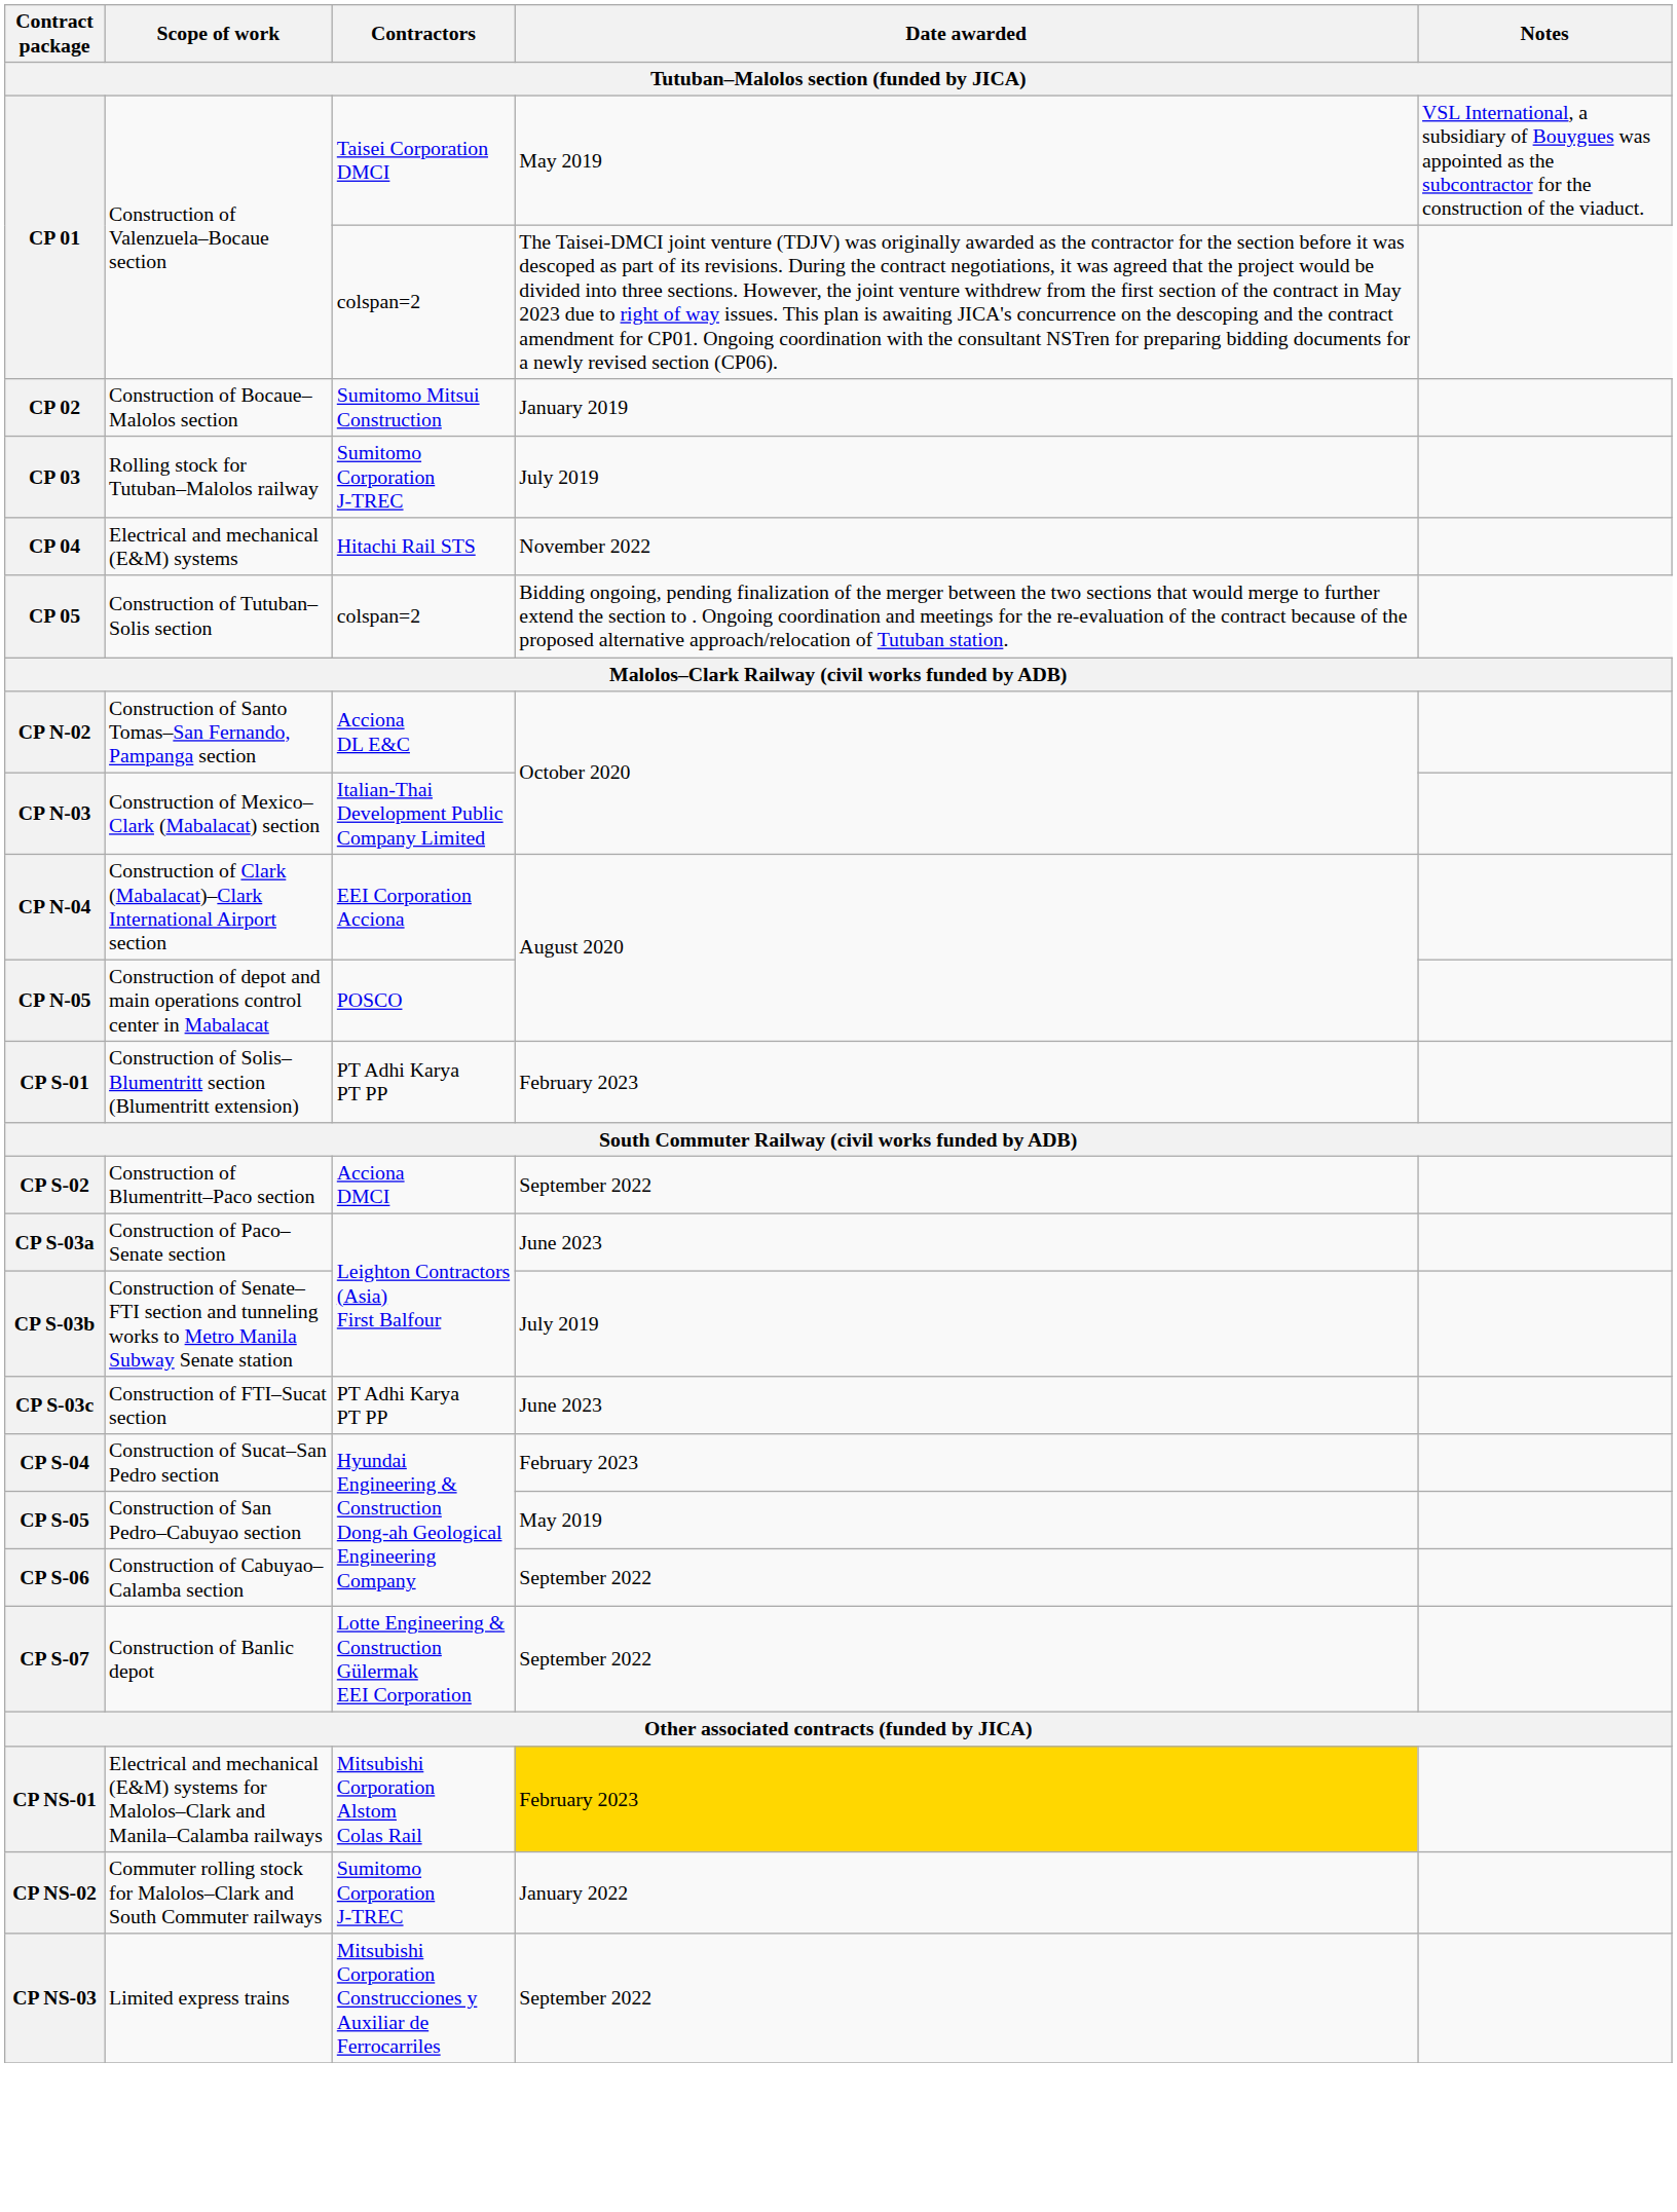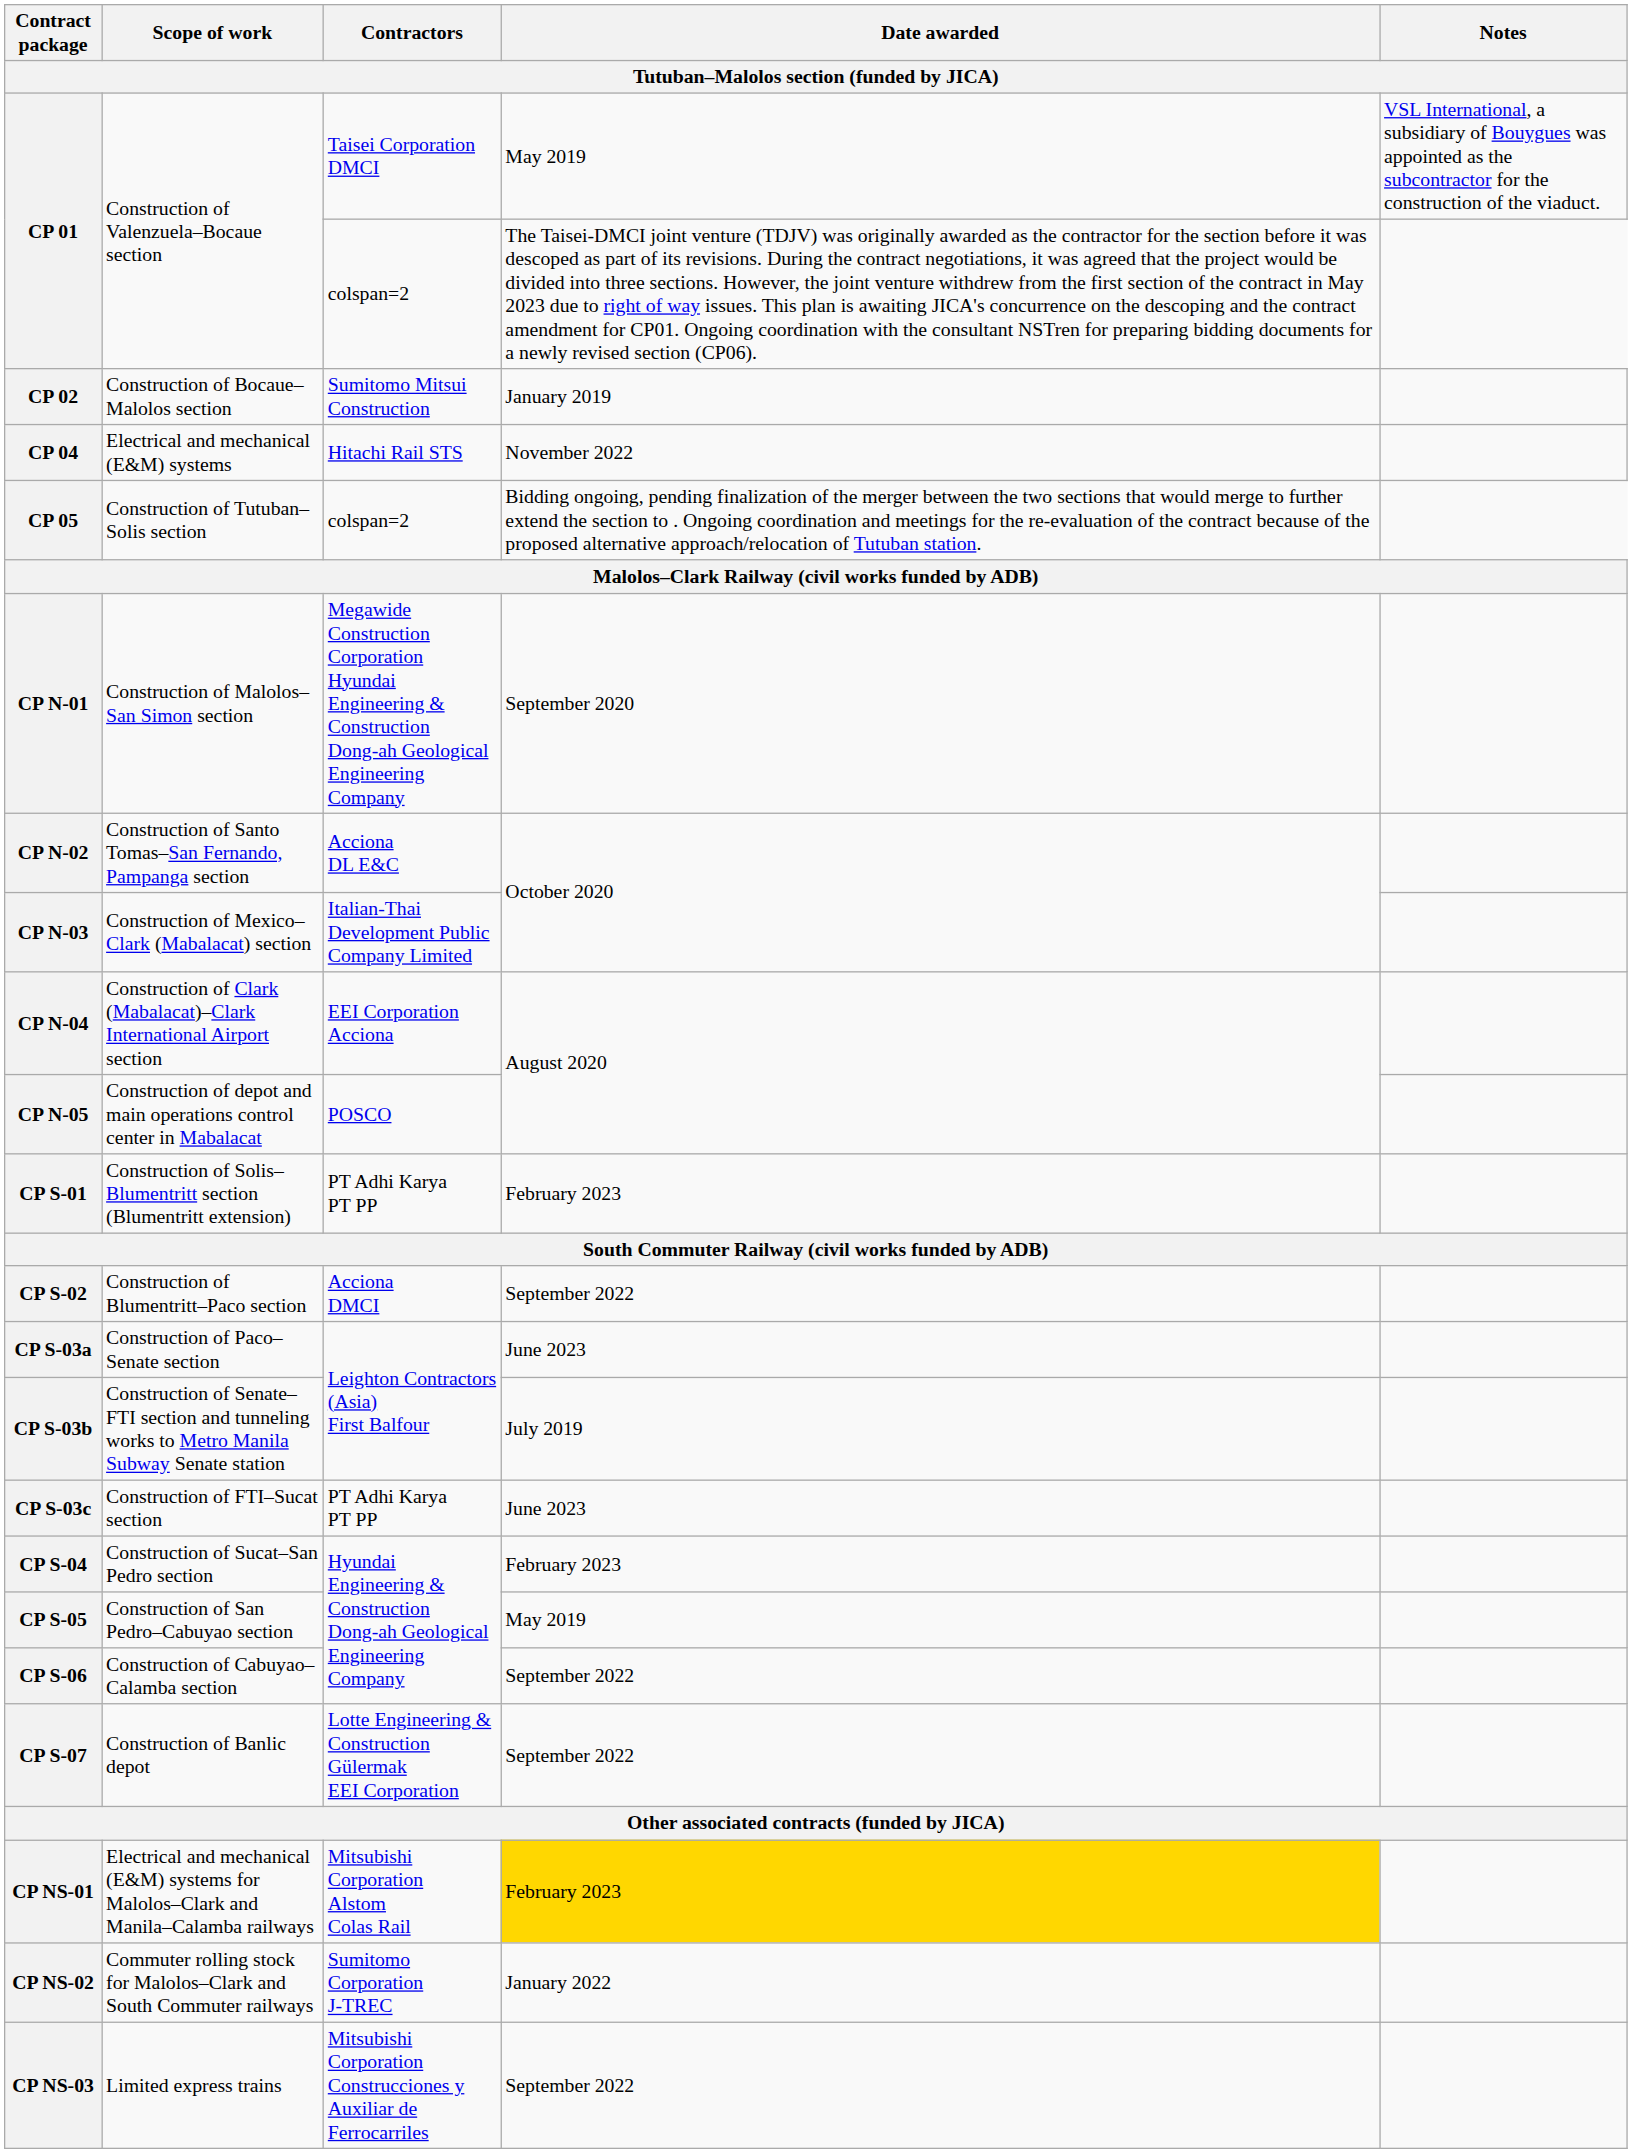 <table class="wikitable collapsible collapsed" style="font-size:95%; border: none;">
 <tr>
 <th>Contract package</th>
 <th>Scope of work</th>
 <th>Contractors</th>
 <th>Date awarded</th>
 <th>Notes</th>
 </tr>
 <tr>
 <th colspan="5">Tutuban–Malolos section (funded by JICA)</th>
 </tr>
 <tr>
 <th rowspan="2">CP 01</th>
 <td rowspan="2">Construction of Valenzuela–Bocaue section</td>
 <td> <a href='#'>Taisei Corporation</a><br> <a href='#'>DMCI</a></td>
 <td>May 2019</td>
 <td><a href='#'>VSL International</a>, a subsidiary of <a href='#'>Bouygues</a> was appointed as the <a href='#'>subcontractor</a> for the construction of the viaduct.</td>
 </tr>
 <tr>
 <td>colspan=2 </td>
 <td>The Taisei-DMCI joint venture (TDJV) was originally awarded as the contractor for the section before it was descoped as part of its revisions. During the contract negotiations, it was agreed that the project would be divided into three sections. However, the joint venture withdrew from the first section of the contract in May 2023 due to <a href='#'>right of way</a> issues. This plan is awaiting JICA's concurrence on the descoping and the contract amendment for CP01. Ongoing coordination with the consultant NSTren for preparing bidding documents for a newly revised section (CP06).</td>
 </tr>
 <tr>
 <th>CP 02</th>
 <td>Construction of Bocaue–Malolos section</td>
 <td> <a href='#'>Sumitomo Mitsui Construction</a></td>
 <td>January 2019</td>
 <td></td>
 </tr>
 <tr>
-<th>CP 03</th>
-<td>Rolling stock for Tutuban–Malolos railway</td>
-<td> <a href='#'>Sumitomo Corporation</a><br> <a href='#'>J-TREC</a></td>
-<td>July 2019</td>
-<td></td>
-</tr>
-<tr>
 <th>CP 04</th>
 <td>Electrical and mechanical (E&M) systems</td>
 <td> <a href='#'>Hitachi Rail STS</a></td>
 <td>November 2022</td>
 <td></td>
 </tr>
 <tr>
 <th>CP 05</th>
 <td>Construction of Tutuban–Solis section</td>
 <td>colspan=2 </td>
 <td>Bidding ongoing, pending finalization of the merger between the two sections that would merge to further extend the section to . Ongoing coordination and meetings for the re-evaluation of the contract because of the proposed alternative approach/relocation of <a href='#'>Tutuban station</a>.</td>
 </tr>
 <tr>
 <th colspan="5">Malolos–Clark Railway (civil works funded by ADB)</th>
+</tr>
+<tr>
+<th>CP N-01</th>
+<td>Construction of Malolos–<a href='#'>San Simon</a> section</td>
+<td> <a href='#'>Megawide Construction Corporation</a><br> <a href='#'>Hyundai Engineering & Construction</a><br> <a href='#'>Dong-ah Geological Engineering Company</a></td>
+<td>September 2020</td>
+<td></td>
 </tr>
 <tr>
 <th>CP N-02</th>
 <td>Construction of Santo Tomas–<a href='#'>San Fernando, Pampanga</a> section</td>
 <td> <a href='#'>Acciona</a><br> <a href='#'>DL E&C</a></td>
 <td rowspan="2">October 2020</td>
 <td></td>
 </tr>
 <tr>
 <th>CP N-03</th>
 <td>Construction of Mexico–<a href='#'>Clark</a> (<a href='#'>Mabalacat</a>) section</td>
 <td> <a href='#'>Italian-Thai Development Public Company Limited</a></td>
 <td></td>
 </tr>
 <tr>
 <th>CP N-04</th>
 <td>Construction of <a href='#'>Clark</a> (<a href='#'>Mabalacat</a>)–<a href='#'>Clark International Airport</a> section</td>
 <td> <a href='#'>EEI Corporation</a><br> <a href='#'>Acciona</a></td>
 <td rowspan="2">August 2020</td>
 <td></td>
 </tr>
 <tr>
 <th>CP N-05</th>
 <td>Construction of  depot and main operations control center in <a href='#'>Mabalacat</a></td>
 <td> <a href='#'>POSCO</a></td>
 <td></td>
 </tr>
 <tr>
 <th>CP S-01</th>
 <td>Construction of Solis–<a href='#'>Blumentritt</a> section (Blumentritt extension)</td>
 <td> PT Adhi Karya<br> PT PP</td>
 <td>February 2023</td>
 <td></td>
 </tr>
 <tr>
 <th colspan="5">South Commuter Railway (civil works funded by ADB)</th>
 </tr>
 <tr>
 <th>CP S-02</th>
 <td>Construction of Blumentritt–Paco section</td>
 <td> <a href='#'>Acciona</a><br> <a href='#'>DMCI</a></td>
 <td>September 2022</td>
 <td></td>
 </tr>
 <tr>
 <th>CP S-03a</th>
 <td>Construction of Paco–Senate section</td>
 <td rowspan="2"> <a href='#'>Leighton Contractors (Asia)</a><br> <a href='#'>First Balfour</a></td>
 <td>June 2023</td>
 <td></td>
 </tr>
 <tr>
 <th>CP S-03b</th>
 <td>Construction of Senate–FTI section and tunneling works to <a href='#'>Metro Manila Subway</a> Senate station</td>
 <td>July 2019</td>
 <td></td>
 </tr>
 <tr>
 <th>CP S-03c</th>
 <td>Construction of FTI–Sucat section</td>
 <td> PT Adhi Karya<br> PT PP</td>
 <td>June 2023</td>
 <td></td>
 </tr>
 <tr>
 <th>CP S-04</th>
 <td>Construction of Sucat–San Pedro section</td>
 <td rowspan="3"> <a href='#'>Hyundai Engineering & Construction</a><br> <a href='#'>Dong-ah Geological Engineering Company</a></td>
 <td>February 2023</td>
 <td></td>
 </tr>
 <tr>
 <th>CP S-05</th>
 <td>Construction of San Pedro–Cabuyao section</td>
 <td>May 2019</td>
 <td></td>
 </tr>
 <tr>
 <th>CP S-06</th>
 <td>Construction of Cabuyao–Calamba section</td>
 <td>September 2022</td>
 <td></td>
 </tr>
 <tr>
 <th>CP S-07</th>
 <td>Construction of Banlic depot</td>
 <td> <a href='#'>Lotte Engineering & Construction</a><br> <a href='#'>Gülermak</a><br> <a href='#'>EEI Corporation</a></td>
 <td>September 2022</td>
 <td></td>
 </tr>
 <tr>
 <th colspan="5">Other associated contracts (funded by JICA)</th>
 </tr>
 <tr>
 <th>CP NS-01</th>
 <td>Electrical and mechanical (E&M) systems for Malolos–Clark and Manila–Calamba railways</td>
 <td> <a href='#'>Mitsubishi Corporation</a><br> <a href='#'>Alstom</a><br>  <a href='#'>Colas Rail</a></td>
 <td style="background: gold;">February 2023</td>
 <td></td>
 </tr>
 <tr>
 <th>CP NS-02</th>
 <td>Commuter rolling stock for Malolos–Clark and South Commuter railways</td>
 <td> <a href='#'>Sumitomo Corporation</a><br> <a href='#'>J-TREC</a></td>
 <td>January 2022</td>
 <td></td>
 </tr>
 <tr>
 <th>CP NS-03</th>
 <td>Limited express trains</td>
 <td> <a href='#'>Mitsubishi Corporation</a><br> <a href='#'>Construcciones y Auxiliar de Ferrocarriles</a></td>
 <td>September 2022</td>
 <td></td>
 </tr>
 </table>
